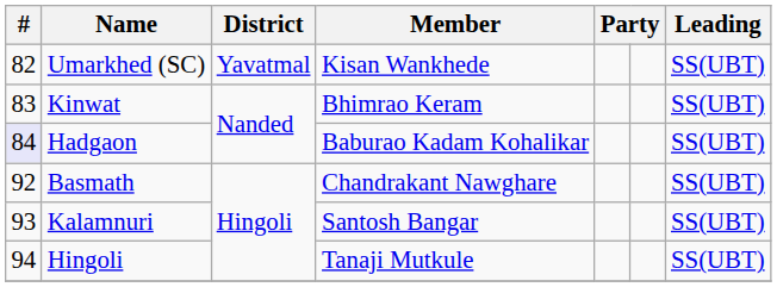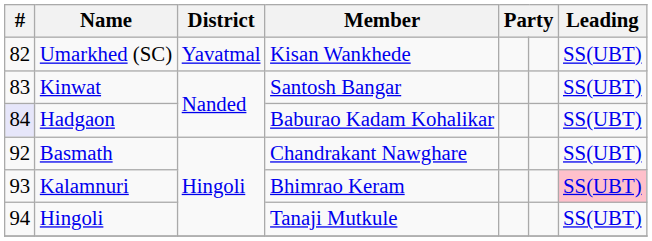 <table class="wikitable">
 <tr>
 <th>#</th>
 <th>Name</th>
 <th>District</th>
 <th>Member</th>
 <th colspan="2">Party</th>
 <th colspan=2>Leading<br></th>
 </tr>
 <tr>
 <td>82</td>
 <td><a href='#'>Umarkhed</a> (SC)</td>
 <td rowspan="1"><a href='#'>Yavatmal</a></td>
 <td><a href='#'>Kisan Wankhede</a></td>
 <td></td>
 <td></td>
 <td><a href='#'>SS(UBT)</a></td>
 </tr>
 <tr>
 <td>83</td>
 <td><a href='#'>Kinwat</a></td>
 <td rowspan="2"><a href='#'>Nanded</a></td>
-<td><a href='#'>Bhimrao Keram</a></td>
+<td><a href='#'>Santosh Bangar</a></td>
 <td></td>
 <td></td>
 <td><a href='#'>SS(UBT)</a></td>
 </tr>
 <tr>
 <td style="background: lavender;">84</td>
 <td><a href='#'>Hadgaon</a></td>
 <td><a href='#'>Baburao Kadam Kohalikar</a></td>
 <td></td>
 <td></td>
 <td><a href='#'>SS(UBT)</a></td>
 </tr>
 <tr>
 <td>92</td>
 <td><a href='#'>Basmath</a></td>
 <td rowspan="3"><a href='#'>Hingoli</a></td>
 <td><a href='#'>Chandrakant Nawghare</a></td>
 <td></td>
 <td></td>
 <td><a href='#'>SS(UBT)</a></td>
 </tr>
 <tr>
 <td>93</td>
 <td><a href='#'>Kalamnuri</a></td>
-<td><a href='#'>Santosh Bangar</a></td>
+<td><a href='#'>Bhimrao Keram</a></td>
 <td></td>
 <td></td>
-<td><a href='#'>SS(UBT)</a></td>
+<td style="background: pink;"><a href='#'>SS(UBT)</a></td>
 </tr>
 <tr>
 <td>94</td>
 <td><a href='#'>Hingoli</a></td>
 <td><a href='#'>Tanaji Mutkule</a></td>
 <td></td>
 <td></td>
 <td><a href='#'>SS(UBT)</a></td>
 </tr>
 <tr>
 </tr>
 </table>
